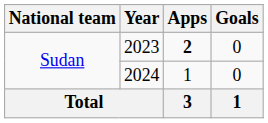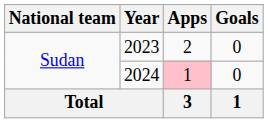 <table class="wikitable" style="text-align:center">
 <tr>
 <th>National team</th>
 <th>Year</th>
 <th>Apps</th>
 <th>Goals</th>
 </tr>
 <tr>
 <td rowspan=2><a href='#'>Sudan</a></td>
 <td>2023</td>
-<td><strong>2</strong></td>
+<td>2</td>
 <td>0</td>
 </tr>
 <tr>
 <td>2024</td>
-<td>1</td>
+<td style="background: pink;">1</td>
 <td>0</td>
 </tr>
 <tr>
 <th colspan=2>Total</th>
 <th>3</th>
 <th>1</th>
 </tr>
 </table>
